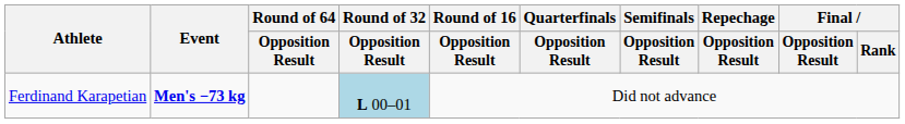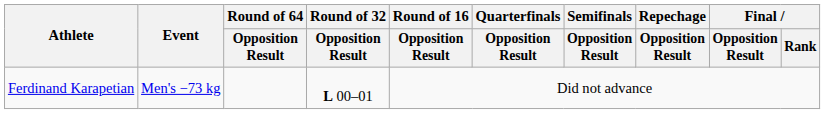 <table class="wikitable" style="font-size:90%">
 <tr>
 <th rowspan="2">Athlete</th>
 <th rowspan="2">Event</th>
 <th>Round of 64</th>
 <th>Round of 32</th>
 <th>Round of 16</th>
 <th>Quarterfinals</th>
 <th>Semifinals</th>
 <th>Repechage</th>
 <th colspan=2>Final / </th>
 </tr>
 <tr style="font-size:95%">
 <th>Opposition<br>Result</th>
 <th>Opposition<br>Result</th>
 <th>Opposition<br>Result</th>
 <th>Opposition<br>Result</th>
 <th>Opposition<br>Result</th>
 <th>Opposition<br>Result</th>
 <th>Opposition<br>Result</th>
 <th>Rank</th>
 </tr>
 <tr align=center>
 <td align=left><a href='#'>Ferdinand Karapetian</a></td>
-<td align=left><strong><a href='#'>Men's −73 kg</a></strong></td>
+<td align=left><a href='#'>Men's −73 kg</a></td>
 <td></td>
-<td style="background: lightblue;"><br><strong>L</strong> 00–01</td>
+<td><br><strong>L</strong> 00–01</td>
 <td colspan=6>Did not advance</td>
 </tr>
 </table>
